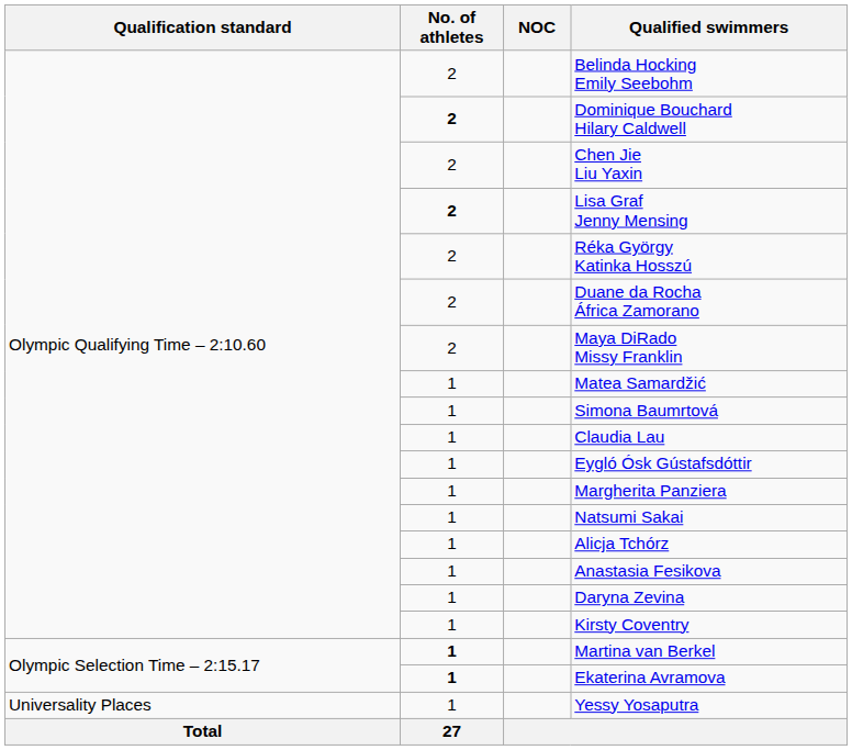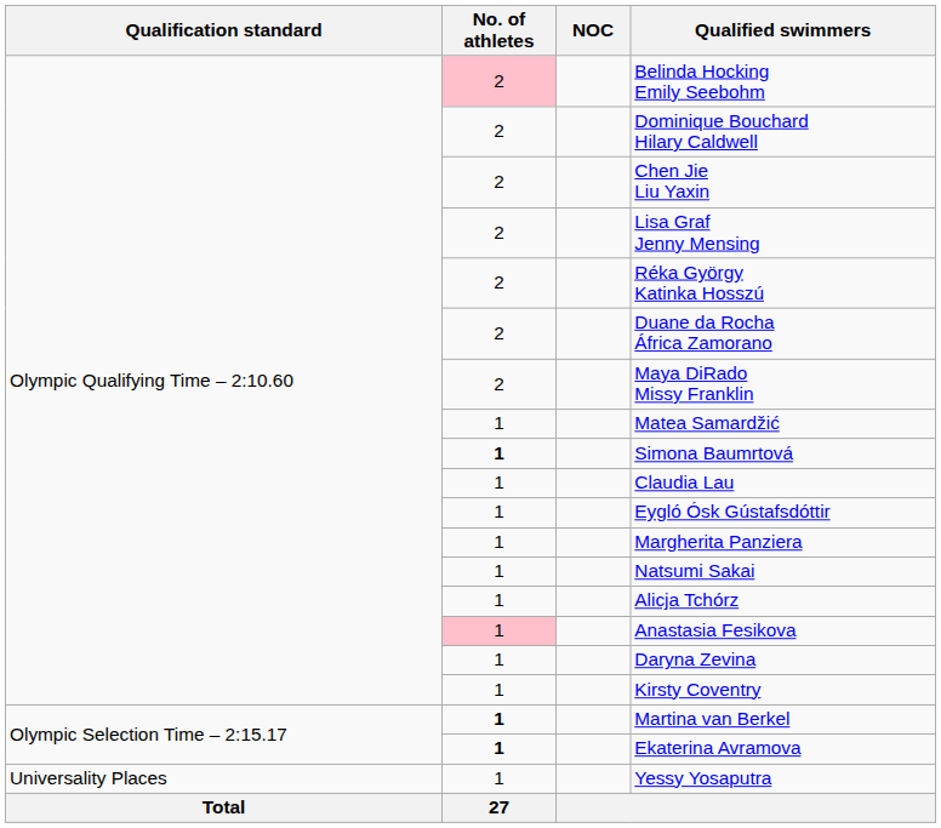 <table class=wikitable style="text-align:left" width=800>
 <tr>
 <th>Qualification standard</th>
 <th width=90>No. of athletes</th>
 <th>NOC</th>
 <th>Qualified swimmers</th>
 </tr>
 <tr>
 <td rowspan=17>Olympic Qualifying Time – 2:10.60</td>
-<td align=center>2</td>
+<td align=center style="background: pink;">2</td>
 <td></td>
 <td><a href='#'>Belinda Hocking</a><br><a href='#'>Emily Seebohm</a></td>
 </tr>
 <tr>
-<td align=center><strong>2</strong></td>
+<td align=center>2</td>
 <td></td>
 <td><a href='#'>Dominique Bouchard</a><br><a href='#'>Hilary Caldwell</a></td>
 </tr>
 <tr>
 <td align="center">2</td>
 <td></td>
 <td><a href='#'>Chen Jie</a><br><a href='#'>Liu Yaxin</a></td>
 </tr>
 <tr>
-<td align=center><strong>2</strong></td>
+<td align=center>2</td>
 <td></td>
 <td><a href='#'>Lisa Graf</a><br><a href='#'>Jenny Mensing</a></td>
 </tr>
 <tr>
 <td align=center>2</td>
 <td></td>
 <td><a href='#'>Réka György</a><br><a href='#'>Katinka Hosszú</a></td>
 </tr>
 <tr>
 <td align=center>2</td>
 <td></td>
 <td><a href='#'>Duane da Rocha</a><br><a href='#'>África Zamorano</a></td>
 </tr>
 <tr>
 <td align=center>2</td>
 <td></td>
 <td><a href='#'>Maya DiRado</a><br><a href='#'>Missy Franklin</a></td>
 </tr>
 <tr>
 <td align=center>1</td>
 <td></td>
 <td><a href='#'>Matea Samardžić</a></td>
 </tr>
 <tr>
-<td align=center>1</td>
+<td align=center><strong>1</strong></td>
 <td></td>
 <td><a href='#'>Simona Baumrtová</a></td>
 </tr>
 <tr>
 <td align=center>1</td>
 <td></td>
 <td><a href='#'>Claudia Lau</a></td>
 </tr>
 <tr>
 <td align=center>1</td>
 <td></td>
 <td><a href='#'>Eygló Ósk Gústafsdóttir</a></td>
 </tr>
 <tr>
 <td align=center>1</td>
 <td></td>
 <td><a href='#'>Margherita Panziera</a></td>
 </tr>
 <tr>
 <td align=center>1</td>
 <td></td>
 <td><a href='#'>Natsumi Sakai</a></td>
 </tr>
 <tr>
 <td align=center>1</td>
 <td></td>
 <td><a href='#'>Alicja Tchórz</a></td>
 </tr>
 <tr>
-<td align=center>1</td>
+<td align=center style="background: pink;">1</td>
 <td></td>
 <td><a href='#'>Anastasia Fesikova</a></td>
 </tr>
 <tr>
 <td align=center>1</td>
 <td></td>
 <td><a href='#'>Daryna Zevina</a></td>
 </tr>
 <tr>
 <td align=center>1</td>
 <td></td>
 <td><a href='#'>Kirsty Coventry</a></td>
 </tr>
 <tr>
 <td rowspan=2>Olympic Selection Time – 2:15.17</td>
 <td align=center><strong>1</strong></td>
 <td></td>
 <td><a href='#'>Martina van Berkel</a></td>
 </tr>
 <tr>
 <td align=center><strong>1</strong></td>
 <td></td>
 <td><a href='#'>Ekaterina Avramova</a></td>
 </tr>
 <tr>
 <td>Universality Places</td>
 <td align=center>1</td>
 <td></td>
 <td><a href='#'>Yessy Yosaputra</a></td>
 </tr>
 <tr>
 <th><strong>Total</strong></th>
 <th>27</th>
 <th colspan=2></th>
 </tr>
 </table>
